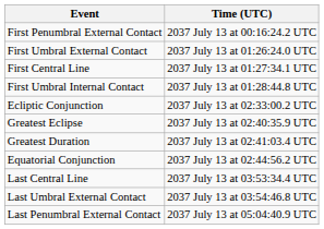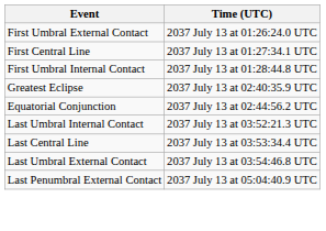 <table class="wikitable">
 <tr>
 <th>Event</th>
 <th>Time (UTC)</th>
-</tr>
-<tr>
-<td>First Penumbral External Contact</td>
-<td>2037 July 13 at 00:16:24.2 UTC</td>
 </tr>
 <tr>
 <td>First Umbral External Contact</td>
 <td>2037 July 13 at 01:26:24.0 UTC</td>
 </tr>
 <tr>
 <td>First Central Line</td>
 <td>2037 July 13 at 01:27:34.1 UTC</td>
 </tr>
 <tr>
 <td>First Umbral Internal Contact</td>
 <td>2037 July 13 at 01:28:44.8 UTC</td>
 </tr>
 <tr>
-<td>Ecliptic Conjunction</td>
-<td>2037 July 13 at 02:33:00.2 UTC</td>
-</tr>
-<tr>
 <td>Greatest Eclipse</td>
 <td>2037 July 13 at 02:40:35.9 UTC</td>
 </tr>
 <tr>
-<td>Greatest Duration</td>
-<td>2037 July 13 at 02:41:03.4 UTC</td>
+<td>Equatorial Conjunction</td>
+<td>2037 July 13 at 02:44:56.2 UTC</td>
 </tr>
 <tr>
-<td>Equatorial Conjunction</td>
-<td>2037 July 13 at 02:44:56.2 UTC</td>
+<td>Last Umbral Internal Contact</td>
+<td>2037 July 13 at 03:52:21.3 UTC</td>
 </tr>
 <tr>
 <td>Last Central Line</td>
 <td>2037 July 13 at 03:53:34.4 UTC</td>
 </tr>
 <tr>
 <td>Last Umbral External Contact</td>
 <td>2037 July 13 at 03:54:46.8 UTC</td>
 </tr>
 <tr>
 <td>Last Penumbral External Contact</td>
 <td>2037 July 13 at 05:04:40.9 UTC</td>
 </tr>
 </table>
